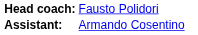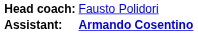 <table>
 <tr>
 <td><strong>Head coach:</strong></td>
 <td><a href='#'>Fausto Polidori</a></td>
 </tr>
 <tr>
 <td><strong>Assistant:</strong></td>
-<td><a href='#'>Armando Cosentino</a></td>
+<td><strong><a href='#'>Armando Cosentino</a></strong></td>
 </tr>
 </table>
